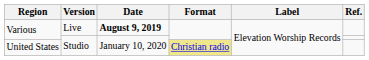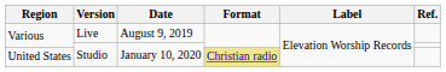 <table class="wikitable plainrowheaders">
 <tr>
 <th scope="col">Region</th>
 <th scope="col">Version</th>
 <th scope="col">Date</th>
 <th scope="col">Format</th>
 <th scope="col">Label</th>
 <th scope="col">Ref.</th>
 </tr>
 <tr>
 <td rowspan="2">Various</td>
 <td>Live</td>
-<td><strong>August 9, 2019</strong></td>
+<td>August 9, 2019</td>
 <td rowspan="2"></td>
 <td rowspan="3">Elevation Worship Records</td>
 <td></td>
 </tr>
 <tr>
 <td rowspan="2">Studio</td>
 <td rowspan="2">January 10, 2020</td>
 <td></td>
 </tr>
 <tr>
 <td>United States</td>
 <td style="background: khaki;"><a href='#'>Christian radio</a></td>
 <td></td>
 </tr>
 </table>
